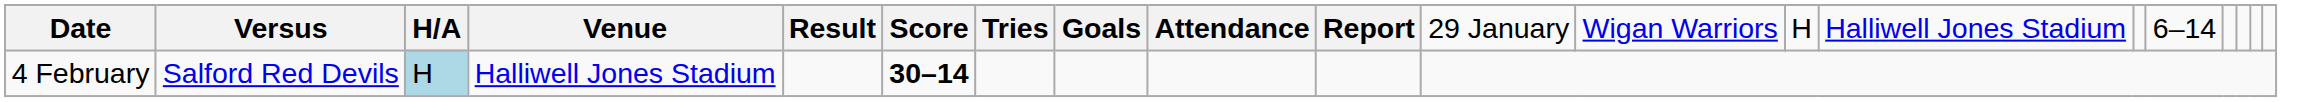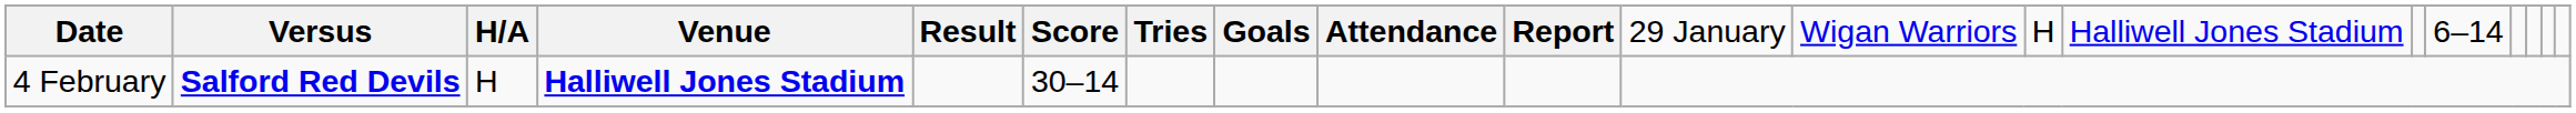 <table class="wikitable defaultleft col3center col6center col9right" style="font-size:90%;">
 <tr>
 <th>Date</th>
 <th>Versus</th>
 <th>H/A</th>
 <th>Venue</th>
 <th>Result</th>
 <th>Score</th>
 <th>Tries</th>
 <th>Goals</th>
 <th>Attendance</th>
 <th>Report</th>
 <td>29 January</td>
 <td> <a href='#'>Wigan Warriors</a></td>
 <td>H</td>
 <td><a href='#'>Halliwell Jones Stadium</a></td>
 <td></td>
 <td>6–14</td>
 <td></td>
 <td></td>
 <td></td>
 <td></td>
 </tr>
 <tr>
 <td>4 February</td>
-<td> <a href='#'>Salford Red Devils</a></td>
-<td style="background: lightblue;">H</td>
-<td><a href='#'>Halliwell Jones Stadium</a></td>
+<td><strong> <a href='#'>Salford Red Devils</a></strong></td>
+<td>H</td>
+<td><strong><a href='#'>Halliwell Jones Stadium</a></strong></td>
 <td></td>
-<td><strong>30–14</strong></td>
+<td>30–14</td>
 <td></td>
 <td></td>
 <td></td>
 <td></td>
 </tr>
 </table>
